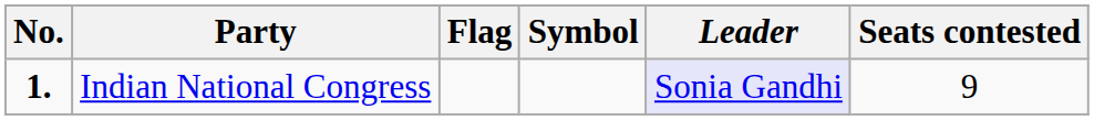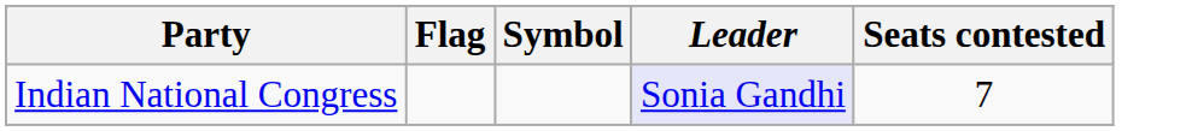 <table class="wikitable">
 <tr>
-<th>No.</th>
 <th>Party</th>
 <th><strong>Flag</strong></th>
 <th>Symbol</th>
 <th><em>Leader</em></th>
 <th>Seats contested</th>
 </tr>
 <tr>
-<td ! style="text-align:center; background:"><strong>1.</strong></td>
 <td style="text-align:center"><a href='#'>Indian National Congress</a></td>
 <td></td>
 <td></td>
 <td style="background: lavender; text-align:center"><a href='#'>Sonia Gandhi</a></td>
-<td style="text-align:center">9</td>
+<td style="text-align:center">7</td>
 </tr>
 </table>
